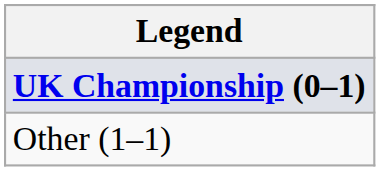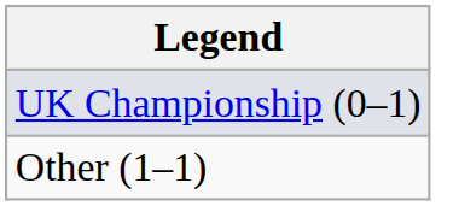 <table class="wikitable">
 <tr>
 <th>Legend</th>
 </tr>
 <tr style="background:#dfe2e9;">
-<td><strong><a href='#'>UK Championship</a> (0–1)</strong></td>
+<td><a href='#'>UK Championship</a> (0–1)</td>
 </tr>
 <tr bgcolor=>
 <td>Other (1–1)</td>
 </tr>
 </table>
